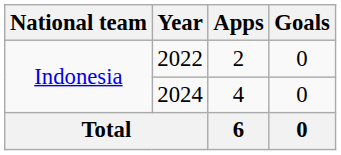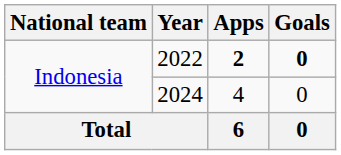 <table class=wikitable style=text-align:center>
 <tr>
 <th>National team</th>
 <th>Year</th>
 <th>Apps</th>
 <th>Goals</th>
 </tr>
 <tr>
 <td rowspan="2"><a href='#'>Indonesia</a></td>
 <td>2022</td>
-<td>2</td>
-<td>0</td>
+<td><strong>2</strong></td>
+<td><strong>0</strong></td>
 </tr>
 <tr>
 <td>2024</td>
 <td>4</td>
 <td>0</td>
 </tr>
 <tr>
 <th colspan=2>Total</th>
 <th>6</th>
 <th>0</th>
 </tr>
 </table>
